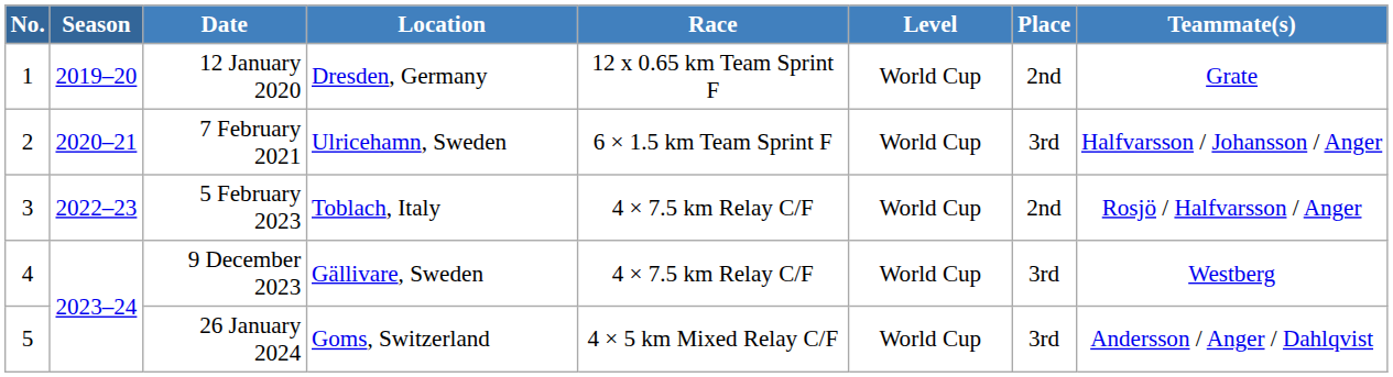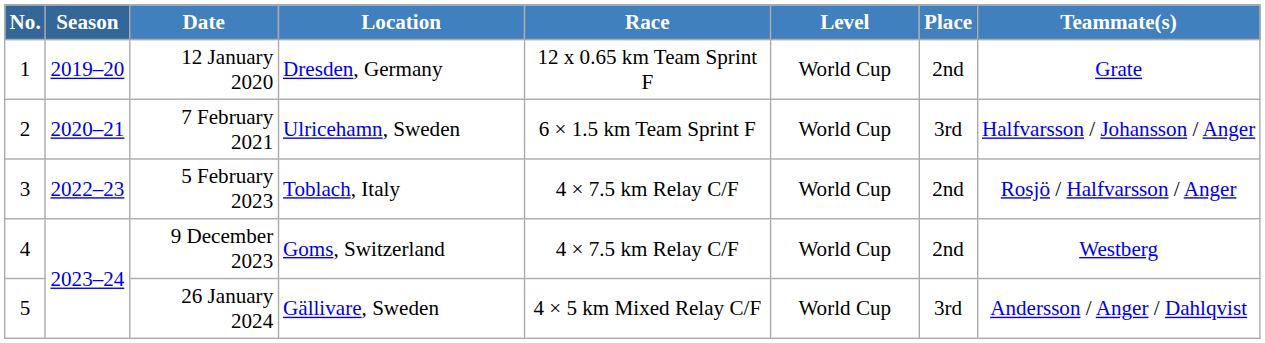 <table class="wikitable sortable" style="font-size:95%; text-align:center; border:grey solid 1px; border-collapse:collapse; background:#ffffff;">
 <tr style="background:#efefef;">
 <th style="background-color:#369; color:white;">No.</th>
 <th style="background-color:#369; color:white;">Season</th>
 <th style="background-color:#4180be; color:white; width:100px;">Date</th>
 <th style="background-color:#4180be; color:white; width:170px;">Location</th>
 <th style="background-color:#4180be; color:white; width:170px;">Race</th>
 <th style="background-color:#4180be; color:white; width:100px;">Level</th>
 <th style="background-color:#4180be; color:white;">Place</th>
 <th style="background-color:#4180be; color:white;">Teammate(s)</th>
 </tr>
 <tr>
 <td align=center>1</td>
 <td rowspan=1 align=center><a href='#'>2019–20</a></td>
 <td align=right>12 January 2020</td>
 <td align=left> <a href='#'>Dresden</a>, Germany</td>
 <td>12 x 0.65 km Team Sprint F</td>
 <td>World Cup</td>
 <td>2nd</td>
 <td><a href='#'>Grate</a></td>
 </tr>
 <tr>
 <td align=center>2</td>
 <td rowspan=1 align=center><a href='#'>2020–21</a></td>
 <td align=right>7 February 2021</td>
 <td align=left> <a href='#'>Ulricehamn</a>, Sweden</td>
 <td>6 × 1.5 km Team Sprint F</td>
 <td>World Cup</td>
 <td>3rd</td>
 <td><a href='#'>Halfvarsson</a> / <a href='#'>Johansson</a> / <a href='#'>Anger</a></td>
 </tr>
 <tr>
 <td align=center>3</td>
 <td rowspan=1 align=center><a href='#'>2022–23</a></td>
 <td align=right>5 February 2023</td>
 <td align=left> <a href='#'>Toblach</a>, Italy</td>
 <td>4 × 7.5 km Relay C/F</td>
 <td>World Cup</td>
 <td>2nd</td>
 <td><a href='#'>Rosjö</a> / <a href='#'>Halfvarsson</a> / <a href='#'>Anger</a></td>
 </tr>
 <tr>
 <td align=center>4</td>
 <td rowspan=2 align=center><a href='#'>2023–24</a></td>
 <td align=right>9 December 2023</td>
-<td align=left> <a href='#'>Gällivare</a>, Sweden</td>
+<td align=left> <a href='#'>Goms</a>, Switzerland</td>
 <td>4 × 7.5 km Relay C/F</td>
 <td>World Cup</td>
-<td>3rd</td>
+<td>2nd</td>
 <td><a href='#'>Westberg</a></td>
 </tr>
 <tr>
 <td align=center>5</td>
 <td align=right>26 January 2024</td>
-<td align=left> <a href='#'>Goms</a>, Switzerland</td>
+<td align=left> <a href='#'>Gällivare</a>, Sweden</td>
 <td>4 × 5 km Mixed Relay C/F</td>
 <td>World Cup</td>
 <td>3rd</td>
 <td><a href='#'>Andersson</a> / <a href='#'>Anger</a> / <a href='#'>Dahlqvist</a></td>
 </tr>
 </table>
